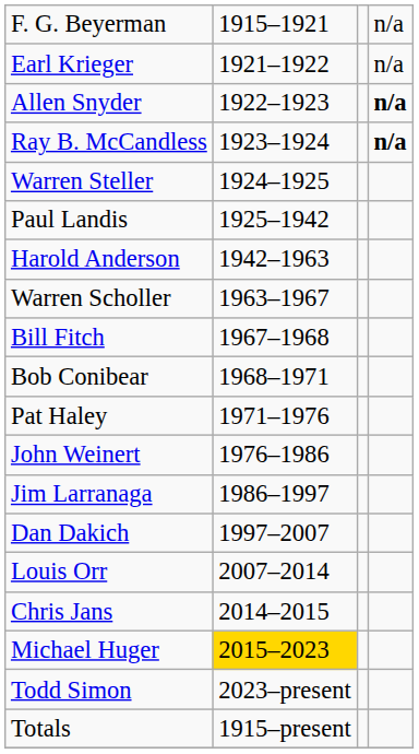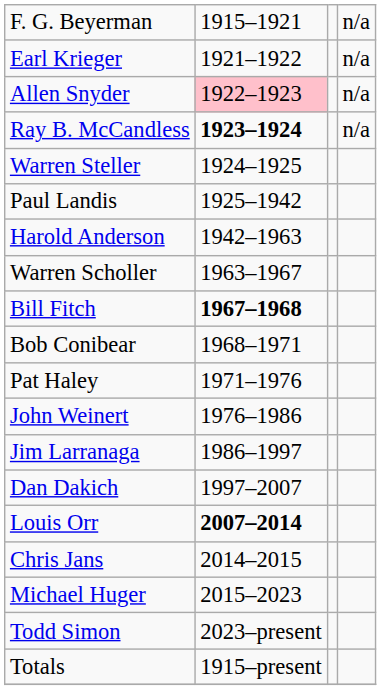 <table class="wikitable">
 <tr>
 <td style="text-align:left">F. G. Beyerman</td>
 <td>1915–1921</td>
 <td></td>
 <td>n/a</td>
 </tr>
 <tr>
 <td style="text-align:left"><a href='#'>Earl Krieger</a></td>
 <td>1921–1922</td>
 <td></td>
 <td>n/a</td>
 </tr>
 <tr>
 <td style="text-align:left"><a href='#'>Allen Snyder</a></td>
-<td>1922–1923</td>
+<td style="background: pink;">1922–1923</td>
 <td></td>
-<td><strong>n/a</strong></td>
+<td>n/a</td>
 </tr>
 <tr>
 <td style="text-align:left"><a href='#'>Ray B. McCandless</a></td>
-<td>1923–1924</td>
+<td><strong>1923–1924</strong></td>
 <td></td>
-<td><strong>n/a</strong></td>
+<td>n/a</td>
 </tr>
 <tr>
 <td style="text-align:left"><a href='#'>Warren Steller</a></td>
 <td>1924–1925</td>
 <td></td>
 <td></td>
 </tr>
 <tr>
 <td style="text-align:left">Paul Landis</td>
 <td>1925–1942</td>
 <td></td>
 <td></td>
 </tr>
 <tr>
 <td style="text-align:left"><a href='#'>Harold Anderson</a></td>
 <td>1942–1963</td>
 <td></td>
 <td></td>
 </tr>
 <tr>
 <td style="text-align:left">Warren Scholler</td>
 <td>1963–1967</td>
 <td></td>
 <td></td>
 </tr>
 <tr>
 <td style="text-align:left"><a href='#'>Bill Fitch</a></td>
-<td>1967–1968</td>
+<td><strong>1967–1968</strong></td>
 <td></td>
 <td></td>
 </tr>
 <tr>
 <td style="text-align:left">Bob Conibear</td>
 <td>1968–1971</td>
 <td></td>
 <td></td>
 </tr>
 <tr>
 <td style="text-align:left">Pat Haley</td>
 <td>1971–1976</td>
 <td></td>
 <td></td>
 </tr>
 <tr>
 <td style="text-align:left"><a href='#'>John Weinert</a></td>
 <td>1976–1986</td>
 <td></td>
 <td></td>
 </tr>
 <tr>
 <td style="text-align:left"><a href='#'>Jim Larranaga</a></td>
 <td>1986–1997</td>
 <td></td>
 <td></td>
 </tr>
 <tr>
 <td style="text-align:left"><a href='#'>Dan Dakich</a></td>
 <td>1997–2007</td>
 <td></td>
 <td></td>
 </tr>
 <tr>
 <td style="text-align:left"><a href='#'>Louis Orr</a></td>
-<td>2007–2014</td>
+<td><strong>2007–2014</strong></td>
 <td></td>
 <td></td>
 </tr>
 <tr>
 <td style="text-align:left"><a href='#'>Chris Jans</a></td>
 <td>2014–2015</td>
 <td></td>
 <td></td>
 </tr>
 <tr>
 <td style="text-align:left"><a href='#'>Michael Huger</a></td>
-<td style="background: gold;">2015–2023</td>
+<td>2015–2023</td>
 <td></td>
 <td></td>
 </tr>
 <tr>
 <td style="text-align:left"><a href='#'>Todd Simon</a></td>
 <td>2023–present</td>
 <td></td>
 <td></td>
 </tr>
 <tr>
 <td style="text-align:left">Totals</td>
 <td>1915–present</td>
 <td><strong></strong></td>
 <td><strong></strong></td>
 </tr>
 <tr>
 </tr>
 </table>
